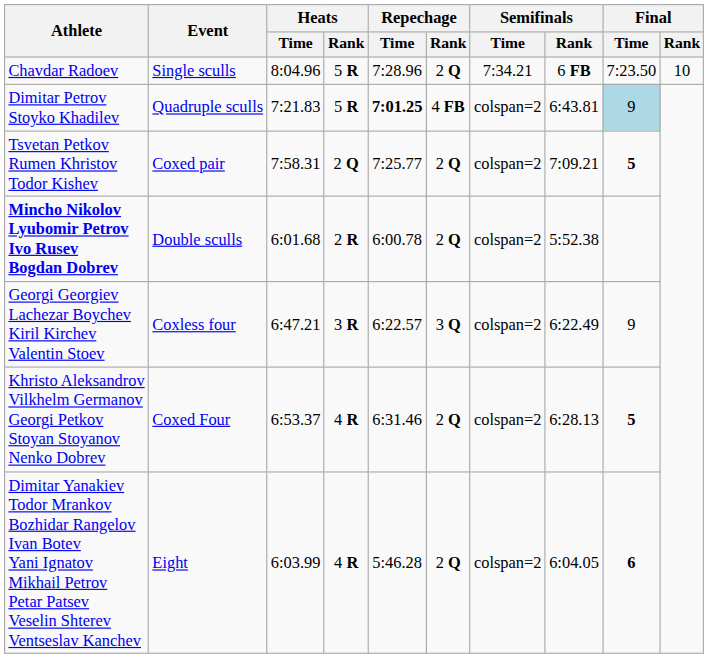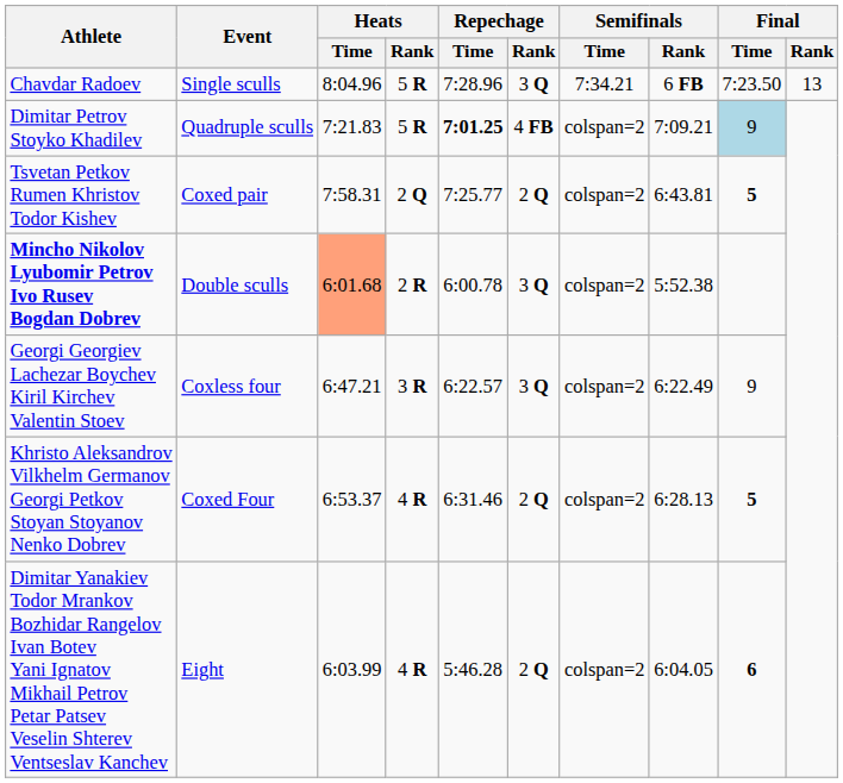 <table class="wikitable" style="font-size:90%; text-align:center;">
 <tr>
 <th rowspan="2">Athlete</th>
 <th rowspan="2">Event</th>
 <th colspan="2">Heats</th>
 <th colspan="2">Repechage</th>
 <th colspan="2">Semifinals</th>
 <th colspan="2">Final</th>
 </tr>
 <tr style="font-size:95%">
 <th>Time</th>
 <th>Rank</th>
 <th>Time</th>
 <th>Rank</th>
 <th>Time</th>
 <th>Rank</th>
 <th>Time</th>
 <th>Rank</th>
 </tr>
 <tr>
 <td align=left><a href='#'>Chavdar Radoev</a></td>
 <td align=left><a href='#'>Single sculls</a></td>
 <td>8:04.96</td>
 <td>5 <strong>R</strong></td>
 <td>7:28.96</td>
-<td>2 <strong>Q</strong></td>
+<td>3 <strong>Q</strong></td>
 <td>7:34.21</td>
 <td>6 <strong>FB</strong></td>
 <td>7:23.50</td>
-<td>10</td>
+<td>13</td>
 </tr>
 <tr>
 <td align=left><a href='#'>Dimitar Petrov</a><br><a href='#'>Stoyko Khadilev</a></td>
 <td align=left><a href='#'>Quadruple sculls</a></td>
 <td>7:21.83</td>
 <td>5 <strong>R</strong></td>
 <td><strong>7:01.25</strong></td>
 <td>4 <strong>FB</strong></td>
 <td>colspan=2 </td>
-<td>6:43.81</td>
+<td>7:09.21</td>
 <td style="background: lightblue;">9</td>
 </tr>
 <tr>
 <td align=left><a href='#'>Tsvetan Petkov</a><br><a href='#'>Rumen Khristov</a><br><a href='#'>Todor Kishev</a></td>
 <td align=left><a href='#'>Coxed pair</a></td>
 <td>7:58.31</td>
 <td>2 <strong>Q</strong></td>
 <td>7:25.77</td>
 <td>2 <strong>Q</strong></td>
 <td>colspan=2 </td>
-<td>7:09.21</td>
+<td>6:43.81</td>
 <td><strong>5</strong></td>
 </tr>
 <tr>
 <td align=left><strong><a href='#'>Mincho Nikolov</a><br><a href='#'>Lyubomir Petrov</a><br><a href='#'>Ivo Rusev</a><br><a href='#'>Bogdan Dobrev</a></strong></td>
 <td align=left><a href='#'>Double sculls</a></td>
-<td>6:01.68</td>
+<td style="background: lightsalmon;">6:01.68</td>
 <td>2 <strong>R</strong></td>
 <td>6:00.78</td>
-<td>2 <strong>Q</strong></td>
+<td>3 <strong>Q</strong></td>
 <td>colspan=2 </td>
 <td>5:52.38</td>
 <td></td>
 </tr>
 <tr>
 <td align=left><a href='#'>Georgi Georgiev</a><br><a href='#'>Lachezar Boychev</a><br><a href='#'>Kiril Kirchev</a><br><a href='#'>Valentin Stoev</a></td>
 <td align=left><a href='#'>Coxless four</a></td>
 <td>6:47.21</td>
 <td>3 <strong>R</strong></td>
 <td>6:22.57</td>
 <td>3 <strong>Q</strong></td>
 <td>colspan=2 </td>
 <td>6:22.49</td>
 <td>9</td>
 </tr>
 <tr>
 <td align=left><a href='#'>Khristo Aleksandrov</a><br><a href='#'>Vilkhelm Germanov</a><br><a href='#'>Georgi Petkov</a><br><a href='#'>Stoyan Stoyanov</a><br><a href='#'>Nenko Dobrev</a></td>
 <td align=left><a href='#'>Coxed Four</a></td>
 <td>6:53.37</td>
 <td>4 <strong>R</strong></td>
 <td>6:31.46</td>
 <td>2 <strong>Q</strong></td>
 <td>colspan=2 </td>
 <td>6:28.13</td>
 <td><strong>5</strong></td>
 </tr>
 <tr>
 <td align=left><a href='#'>Dimitar Yanakiev</a><br><a href='#'>Todor Mrankov</a><br><a href='#'>Bozhidar Rangelov</a><br><a href='#'>Ivan Botev</a><br><a href='#'>Yani Ignatov</a><br><a href='#'>Mikhail Petrov</a><br><a href='#'>Petar Patsev</a><br><a href='#'>Veselin Shterev</a><br><a href='#'>Ventseslav Kanchev</a></td>
 <td align=left><a href='#'>Eight</a></td>
 <td>6:03.99</td>
 <td>4 <strong>R</strong></td>
 <td>5:46.28</td>
 <td>2 <strong>Q</strong></td>
 <td>colspan=2 </td>
 <td>6:04.05</td>
 <td><strong>6</strong></td>
 </tr>
 </table>
